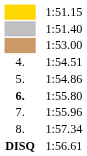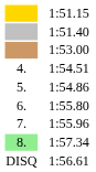 <table style="text-align:center">
 <tr>
 <td width=30 bgcolor=gold></td>
 <td align=left></td>
 <td width=60>1:51.15</td>
 </tr>
 <tr>
 <td bgcolor=silver></td>
 <td align=left></td>
 <td>1:51.40</td>
 </tr>
 <tr>
 <td bgcolor=cc9966></td>
 <td align=left></td>
 <td>1:53.00</td>
 </tr>
 <tr>
 <td>4.</td>
 <td align=left></td>
 <td>1:54.51</td>
 </tr>
 <tr>
 <td>5.</td>
 <td align=left></td>
 <td>1:54.86</td>
 </tr>
 <tr>
-<td><strong>6.</strong></td>
+<td>6.</td>
 <td align=left></td>
 <td>1:55.80</td>
 </tr>
 <tr>
 <td>7.</td>
 <td align=left></td>
 <td>1:55.96</td>
 </tr>
 <tr>
-<td>8.</td>
+<td style="background: lightgreen;">8.</td>
 <td align=left></td>
 <td>1:57.34</td>
 </tr>
 <tr>
-<td><strong>DISQ</strong></td>
+<td>DISQ</td>
 <td align=left></td>
 <td>1:56.61</td>
 </tr>
 </table>
